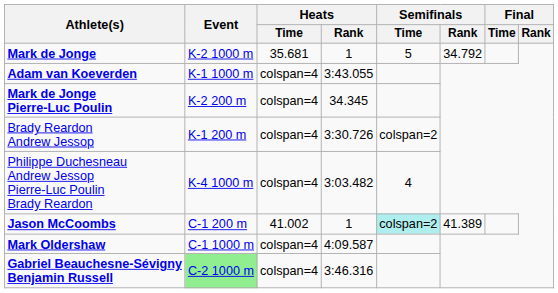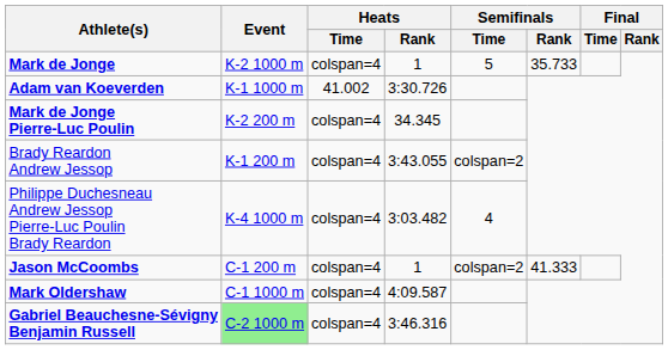 <table class=wikitable style="font-size:90%;">
 <tr>
 <th rowspan=2>Athlete(s)</th>
 <th rowspan=2>Event</th>
 <th colspan=2>Heats</th>
 <th colspan=2>Semifinals</th>
 <th colspan=2>Final</th>
 </tr>
 <tr style="font-size:95%">
 <th>Time</th>
 <th>Rank</th>
 <th>Time</th>
 <th>Rank</th>
 <th>Time</th>
 <th>Rank</th>
 </tr>
 <tr align=center>
 <td align=left><strong><a href='#'>Mark de Jonge</a></strong></td>
 <td align=left><a href='#'>K-2 1000 m</a></td>
-<td>35.681</td>
+<td>colspan=4 </td>
 <td>1</td>
 <td>5</td>
-<td>34.792</td>
+<td>35.733</td>
 <td></td>
 </tr>
 <tr align=center>
 <td align=left><strong><a href='#'>Adam van Koeverden</a></strong></td>
 <td align=left><a href='#'>K-1 1000 m</a></td>
-<td>colspan=4 </td>
-<td>3:43.055</td>
+<td>41.002</td>
+<td>3:30.726</td>
 <td></td>
 </tr>
 <tr align=center>
 <td align=left><strong><a href='#'>Mark de Jonge</a><br><a href='#'>Pierre-Luc Poulin</a></strong></td>
 <td align=left><a href='#'>K-2 200 m</a></td>
 <td>colspan=4 </td>
 <td>34.345</td>
 <td></td>
 </tr>
 <tr align=center>
 <td align=left><a href='#'>Brady Reardon</a><br><a href='#'>Andrew Jessop</a></td>
 <td align=left><a href='#'>K-1 200 m</a></td>
 <td>colspan=4 </td>
-<td>3:30.726</td>
+<td>3:43.055</td>
 <td>colspan=2 </td>
 </tr>
 <tr align=center>
 <td align=left><a href='#'>Philippe Duchesneau</a><br><a href='#'>Andrew Jessop</a><br><a href='#'>Pierre-Luc Poulin</a><br><a href='#'>Brady Reardon</a></td>
 <td align=left><a href='#'>K-4 1000 m</a></td>
 <td>colspan=4 </td>
 <td>3:03.482</td>
 <td>4</td>
 </tr>
 <tr align=center>
 <td align=left><strong><a href='#'>Jason McCoombs</a></strong></td>
 <td align=left><a href='#'>C-1 200 m</a></td>
-<td>41.002</td>
+<td>colspan=4 </td>
 <td>1</td>
-<td style="background: paleturquoise;">colspan=2 </td>
-<td>41.389</td>
+<td>colspan=2 </td>
+<td>41.333</td>
 <td></td>
 </tr>
 <tr align=center>
 <td align=left><strong><a href='#'>Mark Oldershaw</a></strong></td>
 <td align=left><a href='#'>C-1 1000 m</a></td>
 <td>colspan=4 </td>
 <td>4:09.587</td>
 <td></td>
 </tr>
 <tr align=center>
 <td align=left><strong><a href='#'>Gabriel Beauchesne-Sévigny</a><br><a href='#'>Benjamin Russell</a></strong></td>
 <td align=left style="background: lightgreen;"><a href='#'>C-2 1000 m</a></td>
 <td>colspan=4 </td>
 <td>3:46.316</td>
 <td></td>
 </tr>
 </table>
